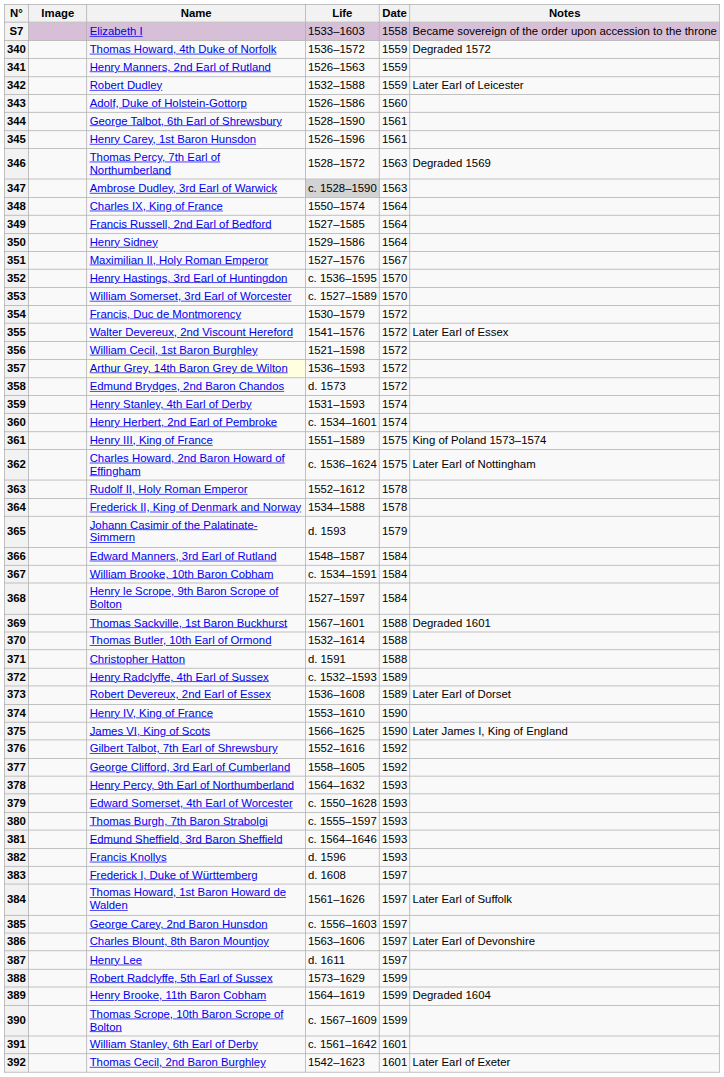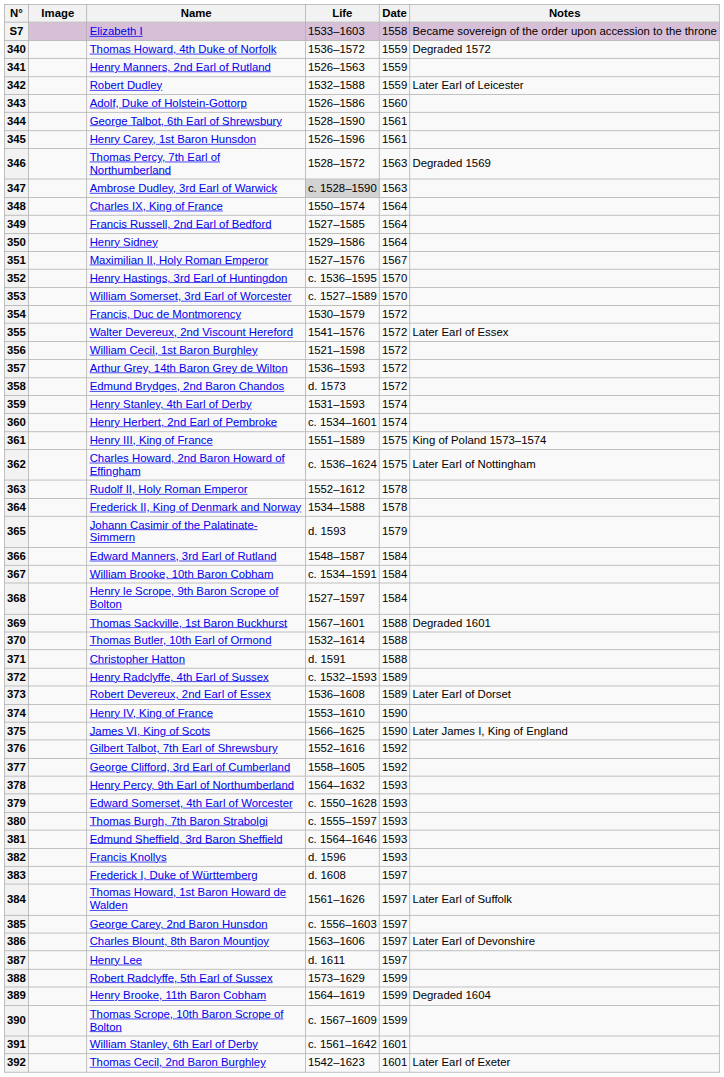 <table class="wikitable">
 <tr>
 <th>N°</th>
 <th style="width: 75px;">Image</th>
 <th style="width: 300px;">Name</th>
 <th>Life</th>
 <th>Date</th>
 <th>Notes</th>
 </tr>
 <tr bgcolor="#D8BFD8">
 <th>S7</th>
 <td></td>
 <td><a href='#'>Elizabeth I</a></td>
 <td>1533–1603</td>
 <td>1558</td>
 <td>Became sovereign of the order upon accession to the throne</td>
 </tr>
 <tr>
 <th>340</th>
 <td></td>
 <td><a href='#'>Thomas Howard, 4th Duke of Norfolk</a></td>
 <td>1536–1572</td>
 <td>1559</td>
 <td>Degraded 1572</td>
 </tr>
 <tr>
 <th>341</th>
 <td></td>
 <td><a href='#'>Henry Manners, 2nd Earl of Rutland</a></td>
 <td>1526–1563</td>
 <td>1559</td>
 <td></td>
 </tr>
 <tr>
 <th>342</th>
 <td></td>
 <td><a href='#'>Robert Dudley</a></td>
 <td>1532–1588</td>
 <td>1559</td>
 <td>Later Earl of Leicester</td>
 </tr>
 <tr>
 <th>343</th>
 <td></td>
 <td><a href='#'>Adolf, Duke of Holstein-Gottorp</a></td>
 <td>1526–1586</td>
 <td>1560</td>
 <td></td>
 </tr>
 <tr>
 <th>344</th>
 <td></td>
 <td><a href='#'>George Talbot, 6th Earl of Shrewsbury</a></td>
 <td>1528–1590</td>
 <td>1561</td>
 <td></td>
 </tr>
 <tr>
 <th>345</th>
 <td></td>
 <td><a href='#'>Henry Carey, 1st Baron Hunsdon</a></td>
 <td>1526–1596</td>
 <td>1561</td>
 <td></td>
 </tr>
 <tr>
 <th>346</th>
 <td></td>
 <td><a href='#'>Thomas Percy, 7th Earl of Northumberland</a></td>
 <td>1528–1572</td>
 <td>1563</td>
 <td>Degraded 1569</td>
 </tr>
 <tr>
 <th>347</th>
 <td></td>
 <td><a href='#'>Ambrose Dudley, 3rd Earl of Warwick</a></td>
 <td style="background: lightgrey;">c. 1528–1590</td>
 <td>1563</td>
 <td></td>
 </tr>
 <tr>
 <th>348</th>
 <td></td>
 <td><a href='#'>Charles IX, King of France</a></td>
 <td>1550–1574</td>
 <td>1564</td>
 <td></td>
 </tr>
 <tr>
 <th>349</th>
 <td></td>
 <td><a href='#'>Francis Russell, 2nd Earl of Bedford</a></td>
 <td>1527–1585</td>
 <td>1564</td>
 <td></td>
 </tr>
 <tr>
 <th>350</th>
 <td></td>
 <td><a href='#'>Henry Sidney</a></td>
 <td>1529–1586</td>
 <td>1564</td>
 <td></td>
 </tr>
 <tr>
 <th>351</th>
 <td></td>
 <td><a href='#'>Maximilian II, Holy Roman Emperor</a></td>
 <td>1527–1576</td>
 <td>1567</td>
 <td></td>
 </tr>
 <tr>
 <th>352</th>
 <td></td>
 <td><a href='#'>Henry Hastings, 3rd Earl of Huntingdon</a></td>
 <td>c. 1536–1595</td>
 <td>1570</td>
 <td></td>
 </tr>
 <tr>
 <th>353</th>
 <td></td>
 <td><a href='#'>William Somerset, 3rd Earl of Worcester</a></td>
 <td>c. 1527–1589</td>
 <td>1570</td>
 <td></td>
 </tr>
 <tr>
 <th>354</th>
 <td></td>
 <td><a href='#'>Francis, Duc de Montmorency</a></td>
 <td>1530–1579</td>
 <td>1572</td>
 <td></td>
 </tr>
 <tr>
 <th>355</th>
 <td></td>
 <td><a href='#'>Walter Devereux, 2nd Viscount Hereford</a></td>
 <td>1541–1576</td>
 <td>1572</td>
 <td>Later Earl of Essex</td>
 </tr>
 <tr>
 <th>356</th>
 <td></td>
 <td><a href='#'>William Cecil, 1st Baron Burghley</a></td>
 <td>1521–1598</td>
 <td>1572</td>
 <td></td>
 </tr>
 <tr>
 <th>357</th>
 <td></td>
-<td style="background: lightyellow;"><a href='#'>Arthur Grey, 14th Baron Grey de Wilton</a></td>
+<td><a href='#'>Arthur Grey, 14th Baron Grey de Wilton</a></td>
 <td>1536–1593</td>
 <td>1572</td>
 <td></td>
 </tr>
 <tr>
 <th>358</th>
 <td></td>
 <td><a href='#'>Edmund Brydges, 2nd Baron Chandos</a></td>
 <td>d. 1573</td>
 <td>1572</td>
 <td></td>
 </tr>
 <tr>
 <th>359</th>
 <td></td>
 <td><a href='#'>Henry Stanley, 4th Earl of Derby</a></td>
 <td>1531–1593</td>
 <td>1574</td>
 <td></td>
 </tr>
 <tr>
 <th>360</th>
 <td></td>
 <td><a href='#'>Henry Herbert, 2nd Earl of Pembroke</a></td>
 <td>c. 1534–1601</td>
 <td>1574</td>
 <td></td>
 </tr>
 <tr>
 <th>361</th>
 <td></td>
 <td><a href='#'>Henry III, King of France</a></td>
 <td>1551–1589</td>
 <td>1575</td>
 <td>King of Poland 1573–1574</td>
 </tr>
 <tr>
 <th>362</th>
 <td></td>
 <td><a href='#'>Charles Howard, 2nd Baron Howard of Effingham</a></td>
 <td>c. 1536–1624</td>
 <td>1575</td>
 <td>Later Earl of Nottingham</td>
 </tr>
 <tr>
 <th>363</th>
 <td></td>
 <td><a href='#'>Rudolf II, Holy Roman Emperor</a></td>
 <td>1552–1612</td>
 <td>1578</td>
 <td></td>
 </tr>
 <tr>
 <th>364</th>
 <td></td>
 <td><a href='#'>Frederick II, King of Denmark and Norway</a></td>
 <td>1534–1588</td>
 <td>1578</td>
 <td></td>
 </tr>
 <tr>
 <th>365</th>
 <td></td>
 <td><a href='#'>Johann Casimir of the Palatinate-Simmern</a></td>
 <td>d. 1593</td>
 <td>1579</td>
 <td></td>
 </tr>
 <tr>
 <th>366</th>
 <td></td>
 <td><a href='#'>Edward Manners, 3rd Earl of Rutland</a></td>
 <td>1548–1587</td>
 <td>1584</td>
 <td></td>
 </tr>
 <tr>
 <th>367</th>
 <td></td>
 <td><a href='#'>William Brooke, 10th Baron Cobham</a></td>
 <td>c. 1534–1591</td>
 <td>1584</td>
 <td></td>
 </tr>
 <tr>
 <th>368</th>
 <td></td>
 <td><a href='#'>Henry le Scrope, 9th Baron Scrope of Bolton</a></td>
 <td>1527–1597</td>
 <td>1584</td>
 <td></td>
 </tr>
 <tr>
 <th>369</th>
 <td></td>
 <td><a href='#'>Thomas Sackville, 1st Baron Buckhurst</a></td>
 <td>1567–1601</td>
 <td>1588</td>
 <td>Degraded 1601</td>
 </tr>
 <tr>
 <th>370</th>
 <td></td>
 <td><a href='#'>Thomas Butler, 10th Earl of Ormond</a></td>
 <td>1532–1614</td>
 <td>1588</td>
 <td></td>
 </tr>
 <tr>
 <th>371</th>
 <td></td>
 <td><a href='#'>Christopher Hatton</a></td>
 <td>d. 1591</td>
 <td>1588</td>
 <td></td>
 </tr>
 <tr>
 <th>372</th>
 <td></td>
 <td><a href='#'>Henry Radclyffe, 4th Earl of Sussex</a></td>
 <td>c. 1532–1593</td>
 <td>1589</td>
 <td></td>
 </tr>
 <tr>
 <th>373</th>
 <td></td>
 <td><a href='#'>Robert Devereux, 2nd Earl of Essex</a></td>
 <td>1536–1608</td>
 <td>1589</td>
 <td>Later Earl of Dorset</td>
 </tr>
 <tr>
 <th>374</th>
 <td></td>
 <td><a href='#'>Henry IV, King of France</a></td>
 <td>1553–1610</td>
 <td>1590</td>
 <td></td>
 </tr>
 <tr>
 <th>375</th>
 <td></td>
 <td><a href='#'>James VI, King of Scots</a></td>
 <td>1566–1625</td>
 <td>1590</td>
 <td>Later James I, King of England</td>
 </tr>
 <tr>
 <th>376</th>
 <td></td>
 <td><a href='#'>Gilbert Talbot, 7th Earl of Shrewsbury</a></td>
 <td>1552–1616</td>
 <td>1592</td>
 <td></td>
 </tr>
 <tr>
 <th>377</th>
 <td></td>
 <td><a href='#'>George Clifford, 3rd Earl of Cumberland</a></td>
 <td>1558–1605</td>
 <td>1592</td>
 <td></td>
 </tr>
 <tr>
 <th>378</th>
 <td></td>
 <td><a href='#'>Henry Percy, 9th Earl of Northumberland</a></td>
 <td>1564–1632</td>
 <td>1593</td>
 <td></td>
 </tr>
 <tr>
 <th>379</th>
 <td></td>
 <td><a href='#'>Edward Somerset, 4th Earl of Worcester</a></td>
 <td>c. 1550–1628</td>
 <td>1593</td>
 <td></td>
 </tr>
 <tr>
 <th>380</th>
 <td></td>
 <td><a href='#'>Thomas Burgh, 7th Baron Strabolgi</a></td>
 <td>c. 1555–1597</td>
 <td>1593</td>
 <td></td>
 </tr>
 <tr>
 <th>381</th>
 <td></td>
 <td><a href='#'>Edmund Sheffield, 3rd Baron Sheffield</a></td>
 <td>c. 1564–1646</td>
 <td>1593</td>
 <td></td>
 </tr>
 <tr>
 <th>382</th>
 <td></td>
 <td><a href='#'>Francis Knollys</a></td>
 <td>d. 1596</td>
 <td>1593</td>
 <td></td>
 </tr>
 <tr>
 <th>383</th>
 <td></td>
 <td><a href='#'>Frederick I, Duke of Württemberg</a></td>
 <td>d. 1608</td>
 <td>1597</td>
 <td></td>
 </tr>
 <tr>
 <th>384</th>
 <td></td>
 <td><a href='#'>Thomas Howard, 1st Baron Howard de Walden</a></td>
 <td>1561–1626</td>
 <td>1597</td>
 <td>Later Earl of Suffolk</td>
 </tr>
 <tr>
 <th>385</th>
 <td></td>
 <td><a href='#'>George Carey, 2nd Baron Hunsdon</a></td>
 <td>c. 1556–1603</td>
 <td>1597</td>
 <td></td>
 </tr>
 <tr>
 <th>386</th>
 <td></td>
 <td><a href='#'>Charles Blount, 8th Baron Mountjoy</a></td>
 <td>1563–1606</td>
 <td>1597</td>
 <td>Later Earl of Devonshire</td>
 </tr>
 <tr>
 <th>387</th>
 <td></td>
 <td><a href='#'>Henry Lee</a></td>
 <td>d. 1611</td>
 <td>1597</td>
 <td></td>
 </tr>
 <tr>
 <th>388</th>
 <td></td>
 <td><a href='#'>Robert Radclyffe, 5th Earl of Sussex</a></td>
 <td>1573–1629</td>
 <td>1599</td>
 <td></td>
 </tr>
 <tr>
 <th>389</th>
 <td></td>
 <td><a href='#'>Henry Brooke, 11th Baron Cobham</a></td>
 <td>1564–1619</td>
 <td>1599</td>
 <td>Degraded 1604</td>
 </tr>
 <tr>
 <th>390</th>
 <td></td>
 <td><a href='#'>Thomas Scrope, 10th Baron Scrope of Bolton</a></td>
 <td>c. 1567–1609</td>
 <td>1599</td>
 <td></td>
 </tr>
 <tr>
 <th>391</th>
 <td></td>
 <td><a href='#'>William Stanley, 6th Earl of Derby</a></td>
 <td>c. 1561–1642</td>
 <td>1601</td>
 <td></td>
 </tr>
 <tr>
 <th>392</th>
 <td></td>
 <td><a href='#'>Thomas Cecil, 2nd Baron Burghley</a></td>
 <td>1542–1623</td>
 <td>1601</td>
 <td>Later Earl of Exeter</td>
 </tr>
 </table>
